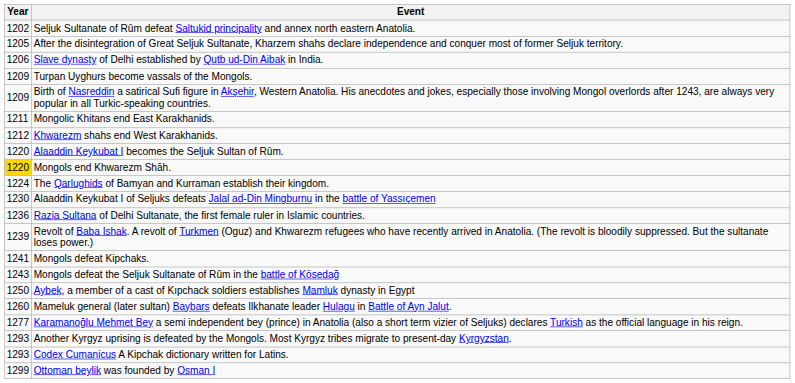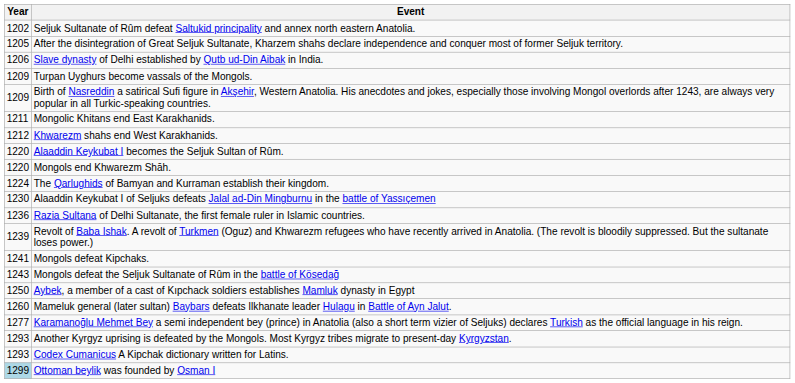 <table class="sortable wikitable">
 <tr>
 <th>Year</th>
 <th>Event</th>
 </tr>
 <tr>
 <td>1202</td>
 <td>Seljuk Sultanate of Rûm defeat <a href='#'>Saltukid principality</a> and annex north eastern Anatolia.</td>
 </tr>
 <tr>
 <td>1205</td>
 <td>After the disintegration of Great Seljuk Sultanate, Kharzem shahs declare independence and conquer most of former Seljuk territory.</td>
 </tr>
 <tr>
 <td>1206</td>
 <td><a href='#'>Slave dynasty</a> of Delhi established by <a href='#'>Qutb ud-Din Aibak</a> in India.</td>
 </tr>
 <tr>
 <td>1209</td>
 <td>Turpan Uyghurs become vassals of the Mongols.</td>
 </tr>
 <tr>
 <td>1209</td>
 <td>Birth of <a href='#'>Nasreddin</a> a satirical Sufi figure in <a href='#'>Akşehir</a>, Western Anatolia. His anecdotes and jokes, especially those involving Mongol overlords after 1243, are always very popular in all Turkic-speaking countries.</td>
 </tr>
 <tr>
 <td>1211</td>
 <td>Mongolic Khitans end East Karakhanids.</td>
 </tr>
 <tr>
 <td>1212</td>
 <td><a href='#'>Khwarezm</a> shahs end West Karakhanids.</td>
 </tr>
 <tr>
 <td>1220</td>
 <td><a href='#'>Alaaddin Keykubat I</a> becomes the Seljuk Sultan of Rûm.</td>
 </tr>
 <tr>
-<td style="background: gold;">1220</td>
+<td>1220</td>
 <td>Mongols end Khwarezm Shāh.</td>
 </tr>
 <tr>
 <td>1224</td>
 <td>The <a href='#'>Qarlughids</a> of Bamyan and Kurraman establish their kingdom.</td>
 </tr>
 <tr>
 <td>1230</td>
 <td>Alaaddin Keykubat I of Seljuks defeats <a href='#'>Jalal ad-Din Mingburnu</a> in the <a href='#'>battle of Yassıçemen</a></td>
 </tr>
 <tr>
 <td>1236</td>
 <td><a href='#'>Razia Sultana</a> of Delhi Sultanate, the first female ruler in Islamic countries.</td>
 </tr>
 <tr>
 <td>1239</td>
 <td>Revolt of <a href='#'>Baba Ishak</a>. A revolt of <a href='#'>Turkmen</a> (Oguz) and Khwarezm refugees who have recently arrived in Anatolia. (The revolt is bloodily suppressed. But the sultanate loses power.)</td>
 </tr>
 <tr>
 <td>1241</td>
 <td>Mongols defeat Kipchaks.</td>
 </tr>
 <tr>
 <td>1243</td>
 <td>Mongols defeat the Seljuk Sultanate of Rûm in the <a href='#'>battle of Kösedağ</a></td>
 </tr>
 <tr>
 <td>1250</td>
 <td><a href='#'>Aybek</a>, a member of a cast of Kıpchack soldiers establishes <a href='#'>Mamluk</a> dynasty in Egypt</td>
 </tr>
 <tr>
 <td>1260</td>
 <td>Mameluk general (later sultan) <a href='#'>Baybars</a> defeats Ilkhanate leader <a href='#'>Hulagu</a> in <a href='#'>Battle of Ayn Jalut</a>.</td>
 </tr>
 <tr>
 <td>1277</td>
 <td><a href='#'>Karamanoğlu Mehmet Bey</a> a semi independent bey (prince) in Anatolia (also a short term vizier of Seljuks) declares <a href='#'>Turkish</a> as the official language in his reign.</td>
 </tr>
 <tr>
 <td>1293</td>
 <td>Another Kyrgyz uprising is defeated by the Mongols. Most Kyrgyz tribes migrate to present-day <a href='#'>Kyrgyzstan</a>.</td>
 </tr>
 <tr>
 <td>1293</td>
 <td><a href='#'>Codex Cumanicus</a>  A Kipchak dictionary written for Latins.</td>
 </tr>
 <tr>
-<td>1299</td>
+<td style="background: lightblue;">1299</td>
 <td><a href='#'>Ottoman beylik</a> was founded by <a href='#'>Osman I</a></td>
 </tr>
 </table>
